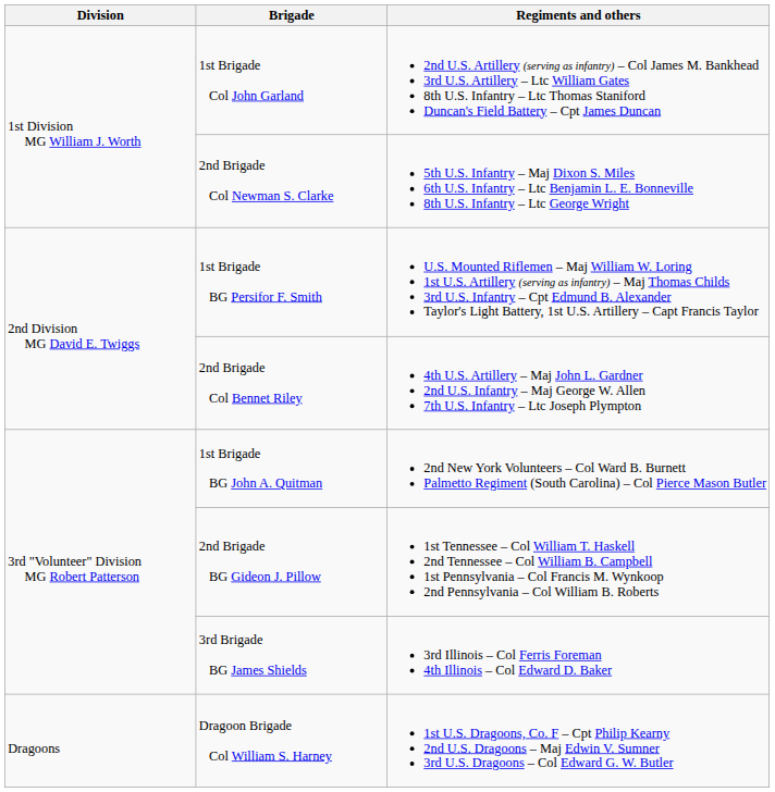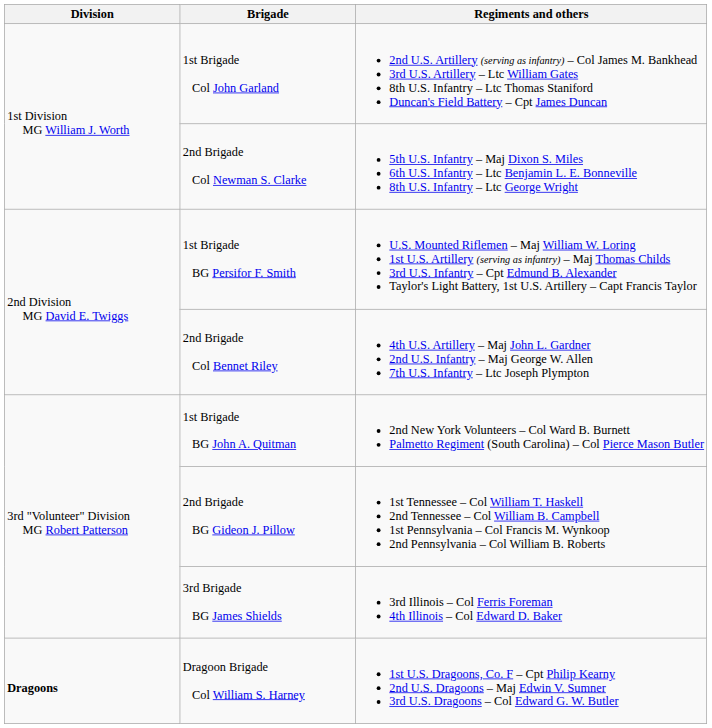 <table class="wikitable">
 <tr>
 <th width=25%>Division</th>
 <th width=25%>Brigade</th>
 <th>Regiments and others</th>
 </tr>
 <tr>
 <td rowspan=2><br>1st Division <br>     MG <a href='#'>William J. Worth</a></td>
 <td>1st Brigade<br><br>   Col <a href='#'>John Garland</a></td>
 <td><br><ul><li><a href='#'>2nd U.S. Artillery</a> <small><em>(serving as infantry)</em></small> – Col James M. Bankhead</li><li><a href='#'>3rd U.S. Artillery</a> – Ltc <a href='#'>William Gates</a></li><li>8th U.S. Infantry – Ltc Thomas Staniford</li><li><a href='#'>Duncan's Field Battery</a> – Cpt <a href='#'>James Duncan</a></li></ul></td>
 </tr>
 <tr>
 <td>2nd Brigade<br><br>   Col <a href='#'>Newman S. Clarke</a></td>
 <td><br><ul><li><a href='#'>5th U.S. Infantry</a> – Maj <a href='#'>Dixon S. Miles</a></li><li><a href='#'>6th U.S. Infantry</a> – Ltc <a href='#'>Benjamin L. E. Bonneville</a></li><li><a href='#'>8th U.S. Infantry</a> – Ltc <a href='#'>George Wright</a></li></ul></td>
 </tr>
 <tr>
 <td rowspan=2><br>2nd Division <br>     MG <a href='#'>David E. Twiggs</a></td>
 <td>1st Brigade<br><br>   BG <a href='#'>Persifor F. Smith</a></td>
 <td><br><ul><li><a href='#'>U.S. Mounted Riflemen</a> – Maj <a href='#'>William W. Loring</a></li><li><a href='#'>1st U.S. Artillery</a> <small><em>(serving as infantry)</em></small> – Maj <a href='#'>Thomas Childs</a></li><li><a href='#'>3rd U.S. Infantry</a> – Cpt <a href='#'>Edmund B. Alexander</a></li><li>Taylor's Light Battery, 1st U.S. Artillery – Capt Francis Taylor</li></ul></td>
 </tr>
 <tr>
 <td>2nd Brigade<br><br>   Col <a href='#'>Bennet Riley</a></td>
 <td><br><ul><li><a href='#'>4th U.S. Artillery</a> – Maj <a href='#'>John L. Gardner</a></li><li><a href='#'>2nd U.S. Infantry</a> – Maj George W. Allen</li><li><a href='#'>7th U.S. Infantry</a> – Ltc Joseph Plympton</li></ul></td>
 </tr>
 <tr>
 <td rowspan=3><br>3rd "Volunteer" Division <br>     MG <a href='#'>Robert Patterson</a></td>
 <td>1st Brigade<br><br>   BG <a href='#'>John A. Quitman</a></td>
 <td><br><ul><li>2nd New York Volunteers – Col Ward B. Burnett</li><li><a href='#'>Palmetto Regiment</a> (South Carolina) – Col <a href='#'>Pierce Mason Butler</a></li></ul></td>
 </tr>
 <tr>
 <td>2nd Brigade<br><br>   BG <a href='#'>Gideon J. Pillow</a></td>
 <td><br><ul><li>1st Tennessee – Col <a href='#'>William T. Haskell</a></li><li>2nd Tennessee – Col <a href='#'>William B. Campbell</a></li><li>1st Pennsylvania – Col Francis M. Wynkoop</li><li>2nd Pennsylvania – Col William B. Roberts</li></ul></td>
 </tr>
 <tr>
 <td>3rd Brigade<br><br>   BG <a href='#'>James Shields</a></td>
 <td><br><ul><li>3rd Illinois – Col <a href='#'>Ferris Foreman</a></li><li><a href='#'>4th Illinois</a> – Col <a href='#'>Edward D. Baker</a></li></ul></td>
 </tr>
 <tr>
-<td rowspan=1><br>Dragoons</td>
+<td rowspan=1><strong><br>Dragoons</strong></td>
 <td>Dragoon Brigade<br><br>   Col <a href='#'>William S. Harney</a></td>
 <td><br><ul><li><a href='#'>1st U.S. Dragoons, Co. F</a> – Cpt <a href='#'>Philip Kearny</a></li><li><a href='#'>2nd U.S. Dragoons</a> – Maj <a href='#'>Edwin V. Sumner</a></li><li><a href='#'>3rd U.S. Dragoons</a> – Col <a href='#'>Edward G. W. Butler</a></li></ul></td>
 </tr>
 </table>
